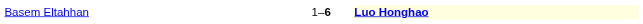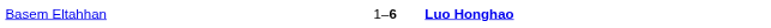 <table width="100%" cellspacing="1">
 <tr>
 <th width=45%></th>
 <th width=10%></th>
 <th width=45%></th>
 </tr>
 <tr>
 <td> <a href='#'>Basem Eltahhan</a></td>
 <td align="center">1–<strong>6</strong></td>
-<td style="background: lightyellow;"> <strong><a href='#'>Luo Honghao</a></strong></td>
+<td> <strong><a href='#'>Luo Honghao</a></strong></td>
 </tr>
 </table>
